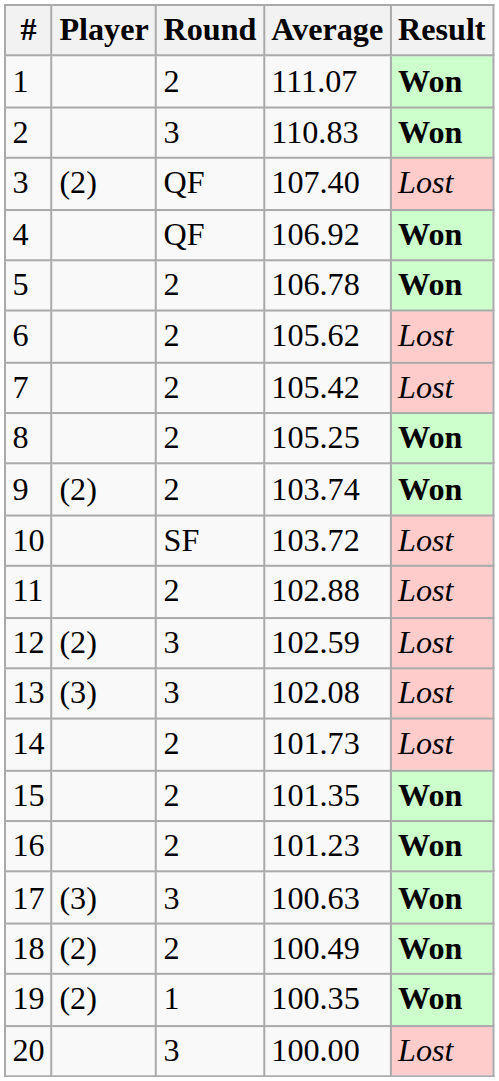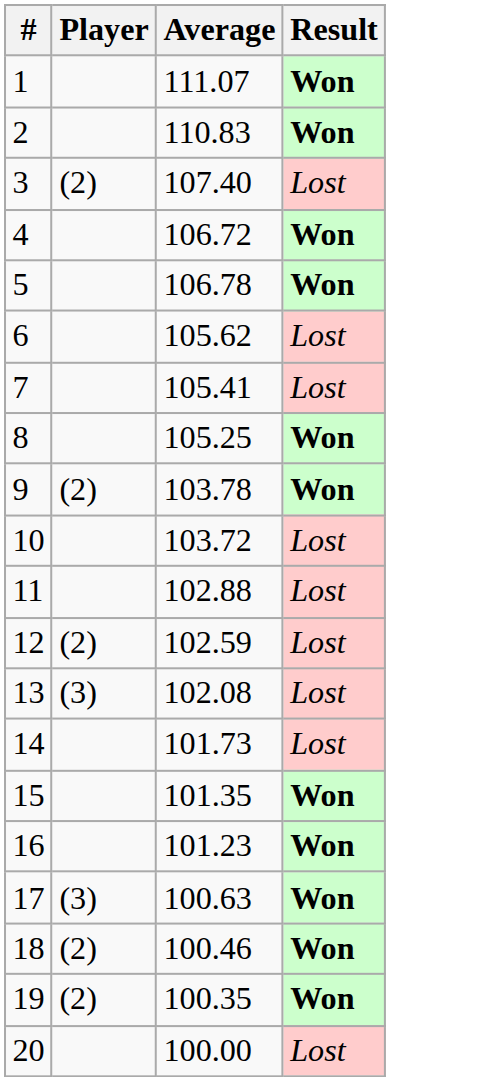 <table class ="wikitable sortable">
 <tr>
 <th>#</th>
 <th>Player</th>
-<th>Round</th>
 <th>Average</th>
 <th>Result</th>
 </tr>
 <tr>
 <td>1</td>
 <td></td>
-<td>2</td>
 <td>111.07</td>
 <td style="background:#CCFFCC;"><strong>Won</strong></td>
 </tr>
 <tr>
 <td>2</td>
 <td></td>
-<td>3</td>
 <td>110.83</td>
 <td style="background:#CCFFCC;"><strong>Won</strong></td>
 </tr>
 <tr>
 <td>3</td>
 <td> (2)</td>
-<td>QF</td>
 <td>107.40</td>
 <td style="background:#FFccCC;"><em>Lost</em></td>
 </tr>
 <tr>
 <td>4</td>
 <td></td>
-<td>QF</td>
-<td>106.92</td>
+<td>106.72</td>
 <td style="background:#CCFFCC;"><strong>Won</strong></td>
 </tr>
 <tr>
 <td>5</td>
 <td></td>
-<td>2</td>
 <td>106.78</td>
 <td style="background:#CCFFCC;"><strong>Won</strong></td>
 </tr>
 <tr>
 <td>6</td>
 <td></td>
-<td>2</td>
 <td>105.62</td>
 <td style="background:#FFccCC;"><em>Lost</em></td>
 </tr>
 <tr>
 <td>7</td>
 <td></td>
-<td>2</td>
-<td>105.42</td>
+<td>105.41</td>
 <td style="background:#FFccCC;"><em>Lost</em></td>
 </tr>
 <tr>
 <td>8</td>
 <td></td>
-<td>2</td>
 <td>105.25</td>
 <td style="background:#CCFFCC;"><strong>Won</strong></td>
 </tr>
 <tr>
 <td>9</td>
 <td> (2)</td>
-<td>2</td>
-<td>103.74</td>
+<td>103.78</td>
 <td style="background:#CCFFCC;"><strong>Won</strong></td>
 </tr>
 <tr>
 <td>10</td>
 <td></td>
-<td>SF</td>
 <td>103.72</td>
 <td style="background:#FFccCC;"><em>Lost</em></td>
 </tr>
 <tr>
 <td>11</td>
 <td></td>
-<td>2</td>
 <td>102.88</td>
 <td style="background:#FFccCC;"><em>Lost</em></td>
 </tr>
 <tr>
 <td>12</td>
 <td> (2)</td>
-<td>3</td>
 <td>102.59</td>
 <td style="background:#FFccCC;"><em>Lost</em></td>
 </tr>
 <tr>
 <td>13</td>
 <td> (3)</td>
-<td>3</td>
 <td>102.08</td>
 <td style="background:#FFccCC;"><em>Lost</em></td>
 </tr>
 <tr>
 <td>14</td>
 <td></td>
-<td>2</td>
 <td>101.73</td>
 <td style="background:#FFccCC;"><em>Lost</em></td>
 </tr>
 <tr>
 <td>15</td>
 <td></td>
-<td>2</td>
 <td>101.35</td>
 <td style="background:#CCFFCC;"><strong>Won</strong></td>
 </tr>
 <tr>
 <td>16</td>
 <td></td>
-<td>2</td>
 <td>101.23</td>
 <td style="background:#CCFFCC;"><strong>Won</strong></td>
 </tr>
 <tr>
 <td>17</td>
 <td> (3)</td>
-<td>3</td>
 <td>100.63</td>
 <td style="background:#CCFFCC;"><strong>Won</strong></td>
 </tr>
 <tr>
 <td>18</td>
 <td> (2)</td>
-<td>2</td>
-<td>100.49</td>
+<td>100.46</td>
 <td style="background:#CCFFCC;"><strong>Won</strong></td>
 </tr>
 <tr>
 <td>19</td>
 <td> (2)</td>
-<td>1</td>
 <td>100.35</td>
 <td style="background:#CCFFCC;"><strong>Won</strong></td>
 </tr>
 <tr>
 <td>20</td>
 <td></td>
-<td>3</td>
 <td>100.00</td>
 <td style="background:#FFccCC;"><em>Lost</em></td>
 </tr>
 </table>
